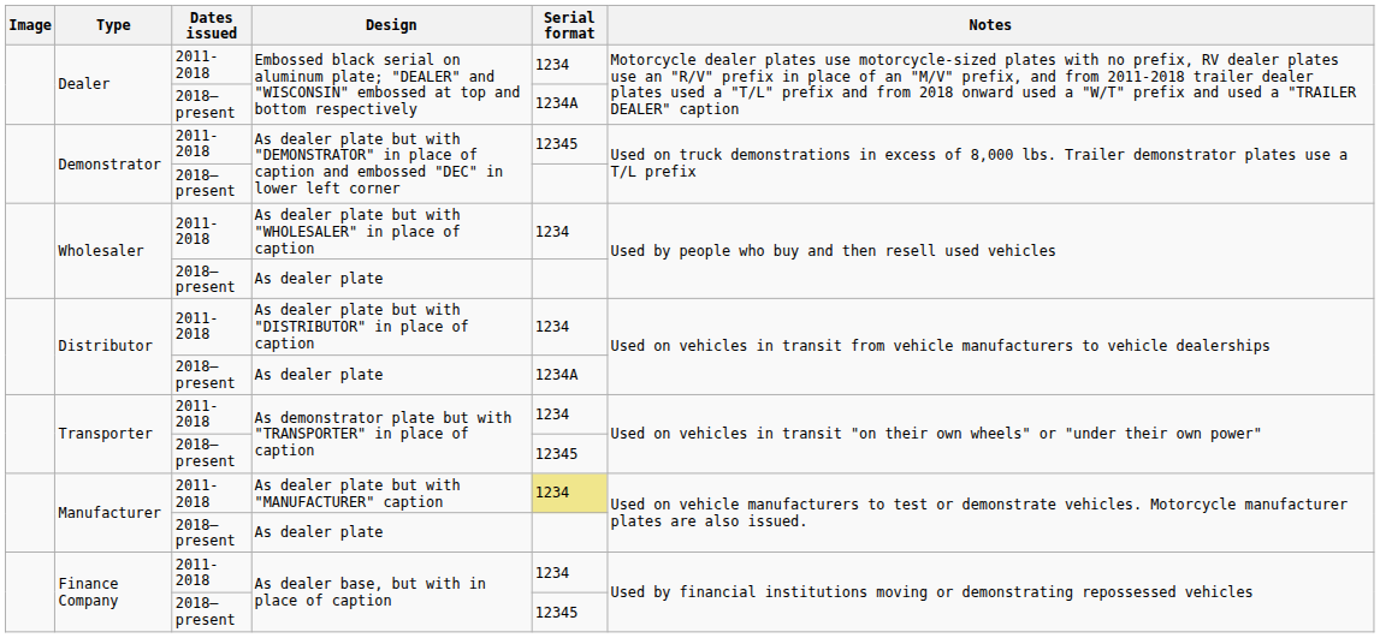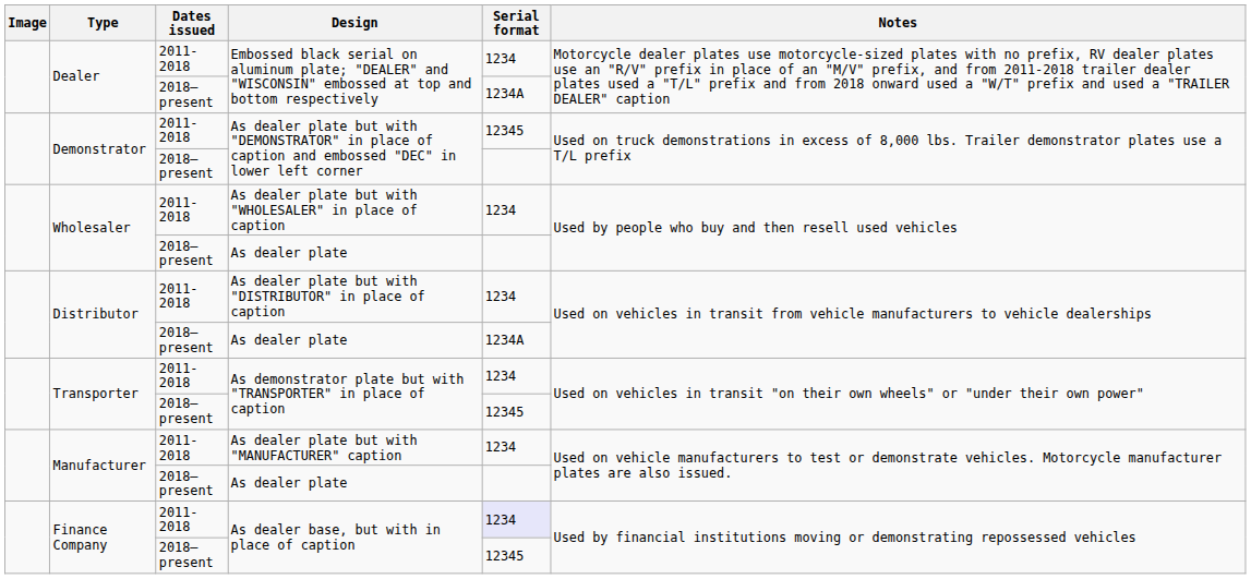 <table class="wikitable">
 <tr>
 <th>Image</th>
 <th>Type</th>
 <th>Dates issued</th>
 <th style="width:250px;">Design</th>
 <th>Serial format</th>
 <th>Notes</th>
 </tr>
 <tr>
 <td rowspan="2"></td>
 <td rowspan="2">Dealer</td>
 <td>2011-2018</td>
 <td rowspan="2">Embossed black serial on aluminum plate; "DEALER" and "WISCONSIN" embossed at top and bottom respectively</td>
 <td> 1234</td>
 <td rowspan="2">Motorcycle dealer plates use motorcycle-sized plates with no prefix, RV dealer plates use an "R/V" prefix in place of an "M/V" prefix, and from 2011-2018 trailer dealer plates used a "T/L" prefix and from 2018 onward used a "W/T" prefix and used a "TRAILER DEALER" caption</td>
 </tr>
 <tr>
 <td>2018–present</td>
 <td> 1234A</td>
 </tr>
 <tr>
 <td rowspan="2"></td>
 <td rowspan="2">Demonstrator</td>
 <td>2011-2018</td>
 <td rowspan="2">As dealer plate but with "DEMONSTRATOR" in place of caption and embossed "DEC" in lower left corner</td>
 <td> 12345</td>
 <td rowspan="2">Used on truck demonstrations in excess of 8,000 lbs. Trailer demonstrator plates use a T/L prefix</td>
 </tr>
 <tr>
 <td>2018–present</td>
 <td></td>
 </tr>
 <tr>
 <td rowspan="2"></td>
 <td rowspan="2">Wholesaler</td>
 <td>2011-2018</td>
 <td>As dealer plate but with "WHOLESALER" in place of caption</td>
 <td> 1234</td>
 <td rowspan="2">Used by people who buy and then resell used vehicles </td>
 </tr>
 <tr>
 <td>2018–present</td>
 <td>As dealer plate</td>
 <td></td>
 </tr>
 <tr>
 <td rowspan="2"></td>
 <td rowspan="2">Distributor</td>
 <td>2011-2018</td>
 <td>As dealer plate but with "DISTRIBUTOR" in place of caption</td>
 <td> 1234</td>
 <td rowspan="2">Used on vehicles in transit from vehicle manufacturers to vehicle dealerships</td>
 </tr>
 <tr>
 <td>2018–present</td>
 <td>As dealer plate</td>
 <td> 1234A</td>
 </tr>
 <tr>
 <td rowspan="2"></td>
 <td rowspan="2">Transporter</td>
 <td>2011-2018</td>
 <td rowspan="2">As demonstrator plate but with "TRANSPORTER" in place of caption</td>
 <td> 1234</td>
 <td rowspan="2">Used on vehicles in transit "on their own wheels" or "under their own power"</td>
 </tr>
 <tr>
 <td>2018–present</td>
 <td> 12345</td>
 </tr>
 <tr>
 <td rowspan="2"></td>
 <td rowspan="2">Manufacturer</td>
 <td>2011-2018</td>
 <td>As dealer plate but with "MANUFACTURER" caption</td>
-<td style="background: khaki;"> 1234</td>
+<td> 1234</td>
 <td rowspan="2">Used on vehicle manufacturers to test or demonstrate vehicles. Motorcycle manufacturer plates are also issued.</td>
 </tr>
 <tr>
 <td>2018–present</td>
 <td>As dealer plate</td>
 <td></td>
 </tr>
 <tr>
 <td rowspan="2"></td>
 <td rowspan="2">Finance Company</td>
 <td>2011-2018</td>
 <td rowspan="2">As dealer base, but with  in place of caption</td>
-<td> 1234</td>
+<td style="background: lavender;"> 1234</td>
 <td rowspan="2">Used by financial institutions moving or demonstrating repossessed vehicles</td>
 </tr>
 <tr>
 <td>2018–present</td>
 <td> 12345</td>
 </tr>
 </table>
